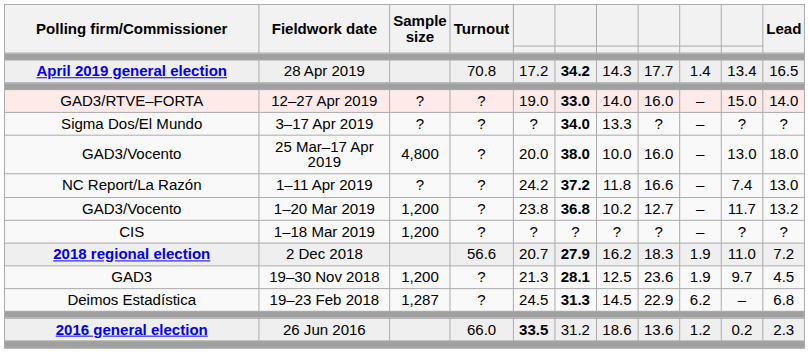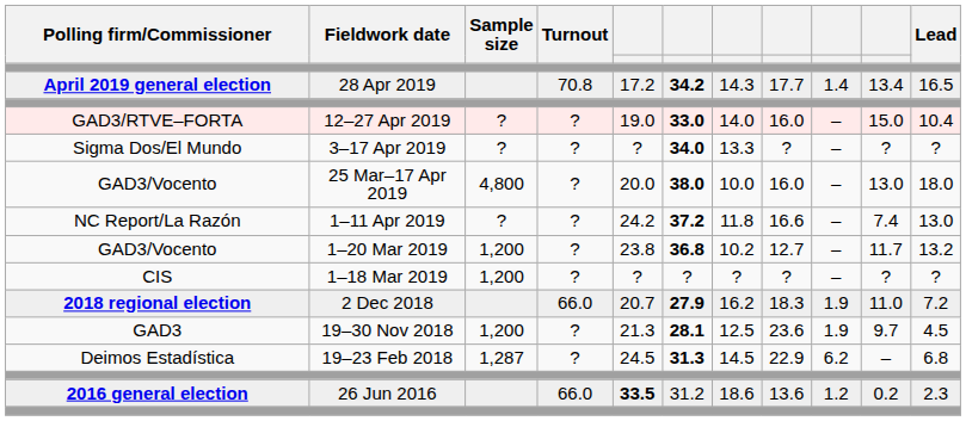 <table class="wikitable collapsible collapsed" style="text-align:center; font-size:95%; line-height:16px;">
 <tr style="height:42px;">
 <th style="width:250px;" rowspan="2">Polling firm/Commissioner</th>
 <th style="width:125px;" rowspan="2">Fieldwork date</th>
 <th style="width:50px;" rowspan="2">Sample size</th>
 <th style="width:45px;" rowspan="2">Turnout</th>
 <th style="width:35px;"></th>
 <th style="width:35px;"></th>
 <th style="width:35px;"></th>
 <th style="width:35px;"></th>
 <th style="width:35px;"></th>
 <th style="width:35px;"></th>
 <th style="width:30px;" rowspan="2">Lead</th>
 </tr>
 <tr>
 <th style="color:inherit;background:"></th>
 <th style="color:inherit;background:"></th>
 <th style="color:inherit;background:"></th>
 <th style="color:inherit;background:"></th>
 <th style="color:inherit;background:"></th>
 <th style="color:inherit;background:"></th>
 </tr>
 <tr>
 <td colspan="11" style="background:#A0A0A0"></td>
 </tr>
 <tr style="background:#EFEFEF;">
 <td><strong><a href='#'>April 2019 general election</a></strong></td>
 <td>28 Apr 2019</td>
 <td></td>
 <td>70.8</td>
 <td>17.2<br></td>
 <td><strong>34.2</strong><br></td>
 <td>14.3<br></td>
 <td>17.7<br></td>
 <td>1.4<br></td>
 <td>13.4<br></td>
 <td style="background:">16.5</td>
 </tr>
 <tr>
 <td colspan="11" style="background:#A0A0A0"></td>
 </tr>
 <tr style="background:#FFEAEA;">
 <td>GAD3/RTVE–FORTA</td>
 <td>12–27 Apr 2019</td>
 <td>?</td>
 <td>?</td>
 <td>19.0<br></td>
 <td><strong>33.0</strong><br></td>
 <td>14.0<br></td>
 <td>16.0<br></td>
 <td>–</td>
 <td>15.0<br></td>
-<td style="background:">14.0</td>
+<td style="background:">10.4</td>
 </tr>
 <tr>
 <td>Sigma Dos/El Mundo</td>
 <td>3–17 Apr 2019</td>
 <td>?</td>
 <td>?</td>
 <td>?<br></td>
 <td><strong>34.0</strong><br></td>
 <td>13.3<br></td>
 <td>?<br></td>
 <td>–</td>
 <td>?<br></td>
 <td style="background:">?</td>
 </tr>
 <tr>
 <td>GAD3/Vocento</td>
 <td>25 Mar–17 Apr 2019</td>
 <td>4,800</td>
 <td>?</td>
 <td>20.0<br></td>
 <td><strong>38.0</strong><br></td>
 <td>10.0<br></td>
 <td>16.0<br></td>
 <td>–</td>
 <td>13.0<br></td>
 <td style="background:">18.0</td>
 </tr>
 <tr>
 <td>NC Report/La Razón</td>
 <td>1–11 Apr 2019</td>
 <td>?</td>
 <td>?</td>
 <td>24.2<br></td>
 <td><strong>37.2</strong><br></td>
 <td>11.8<br></td>
 <td>16.6<br></td>
 <td>–</td>
 <td>7.4<br></td>
 <td style="background:">13.0</td>
 </tr>
 <tr>
 <td>GAD3/Vocento</td>
 <td>1–20 Mar 2019</td>
 <td>1,200</td>
 <td>?</td>
 <td>23.8<br></td>
 <td><strong>36.8</strong><br></td>
 <td>10.2<br></td>
 <td>12.7<br></td>
 <td>–</td>
 <td>11.7<br></td>
 <td style="background:">13.2</td>
 </tr>
 <tr>
 <td>CIS</td>
 <td>1–18 Mar 2019</td>
 <td>1,200</td>
 <td>?</td>
 <td>?<br></td>
 <td>?<br></td>
 <td>?<br></td>
 <td>?<br></td>
 <td>–</td>
 <td>?<br></td>
 <td style="background:">?</td>
 </tr>
 <tr style="background:#EFEFEF;">
 <td><strong><a href='#'>2018 regional election</a></strong></td>
 <td>2 Dec 2018</td>
 <td></td>
-<td>56.6</td>
+<td>66.0</td>
 <td>20.7<br></td>
 <td><strong>27.9</strong><br></td>
 <td>16.2<br></td>
 <td>18.3<br></td>
 <td>1.9<br></td>
 <td>11.0<br></td>
 <td style="background:">7.2</td>
 </tr>
 <tr>
 <td>GAD3</td>
 <td>19–30 Nov 2018</td>
 <td>1,200</td>
 <td>?</td>
 <td>21.3</td>
 <td><strong>28.1</strong></td>
 <td>12.5</td>
 <td>23.6</td>
 <td>1.9</td>
 <td>9.7</td>
 <td style="background:">4.5</td>
 </tr>
 <tr>
 <td>Deimos Estadística</td>
 <td>19–23 Feb 2018</td>
 <td>1,287</td>
 <td>?</td>
 <td>24.5<br></td>
 <td><strong>31.3</strong><br></td>
 <td>14.5<br></td>
 <td>22.9<br></td>
 <td>6.2<br></td>
 <td>–</td>
 <td style="background:">6.8</td>
 </tr>
 <tr>
 <td colspan="11" style="background:#A0A0A0"></td>
 </tr>
 <tr style="background:#EFEFEF;">
 <td><strong><a href='#'>2016 general election</a></strong></td>
 <td>26 Jun 2016</td>
 <td></td>
 <td>66.0</td>
 <td><strong>33.5</strong><br></td>
 <td>31.2<br></td>
 <td>18.6<br></td>
 <td>13.6<br></td>
 <td>1.2<br></td>
 <td>0.2<br></td>
 <td style="background:">2.3</td>
 </tr>
 <tr>
 <td colspan="11" style="background:#A0A0A0"></td>
 </tr>
 </table>
